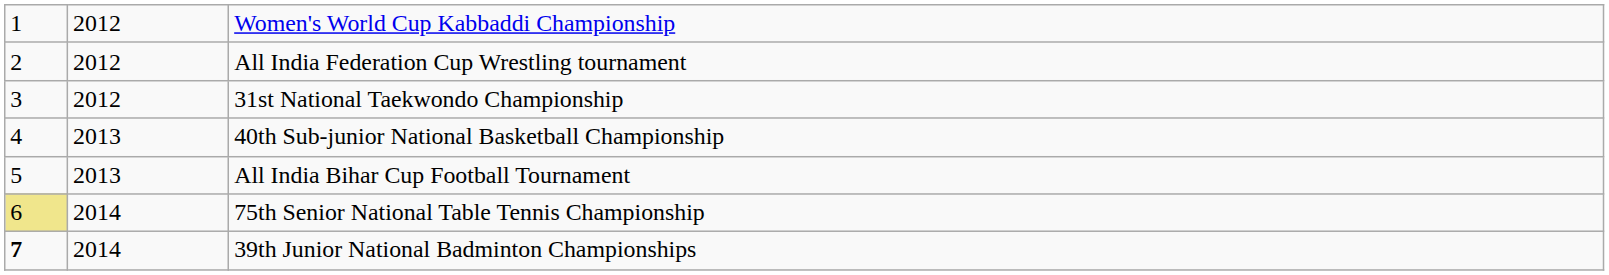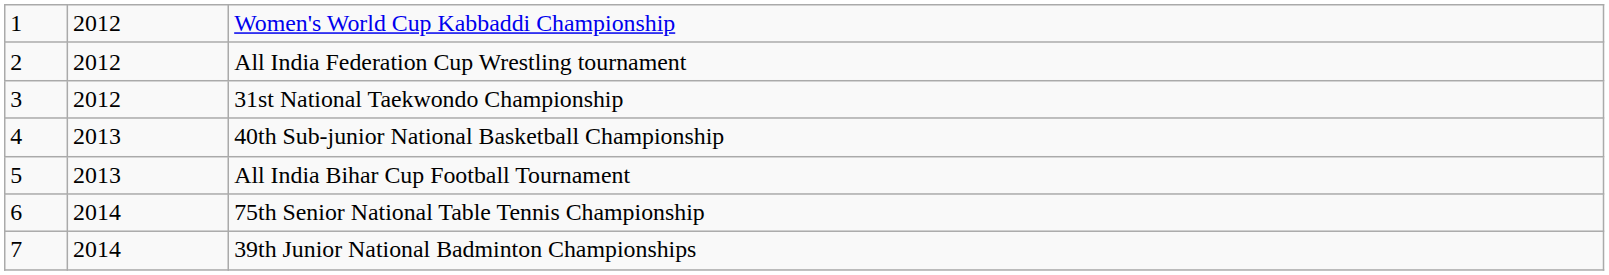 <table class="wikitable" style="width:85%; text-align:left">
 <tr>
 <td>1</td>
 <td>2012</td>
 <td><a href='#'>Women's World Cup Kabbaddi Championship</a></td>
 </tr>
 <tr>
 <td>2</td>
 <td>2012</td>
 <td>All India Federation Cup Wrestling tournament</td>
 </tr>
 <tr>
 <td>3</td>
 <td>2012</td>
 <td>31st National Taekwondo Championship</td>
 </tr>
 <tr>
 <td>4</td>
 <td>2013</td>
 <td>40th Sub-junior National Basketball Championship</td>
 </tr>
 <tr>
 <td>5</td>
 <td>2013</td>
 <td>All India Bihar Cup Football Tournament</td>
 </tr>
 <tr>
-<td style="background: khaki;">6</td>
+<td>6</td>
 <td>2014</td>
 <td>75th Senior National Table Tennis Championship</td>
 </tr>
 <tr>
-<td><strong>7</strong></td>
+<td>7</td>
 <td>2014</td>
 <td>39th Junior National Badminton Championships</td>
 </tr>
 </table>
